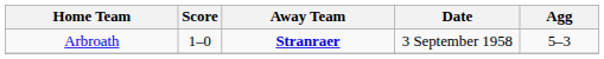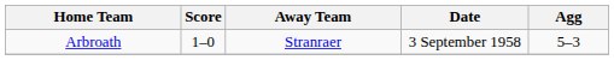 <table class="wikitable" style="text-align:center;">
 <tr>
 <th width=175>Home Team</th>
 <th width=20>Score</th>
 <th width=175>Away Team</th>
 <th width= 125>Date</th>
 <th width= 75>Agg</th>
 </tr>
 <tr>
 <td><a href='#'>Arbroath</a></td>
 <td>1–0</td>
-<td><strong><a href='#'>Stranraer</a></strong></td>
+<td><a href='#'>Stranraer</a></td>
 <td>3 September 1958</td>
 <td>5–3</td>
 </tr>
 <tr>
 </tr>
 </table>
